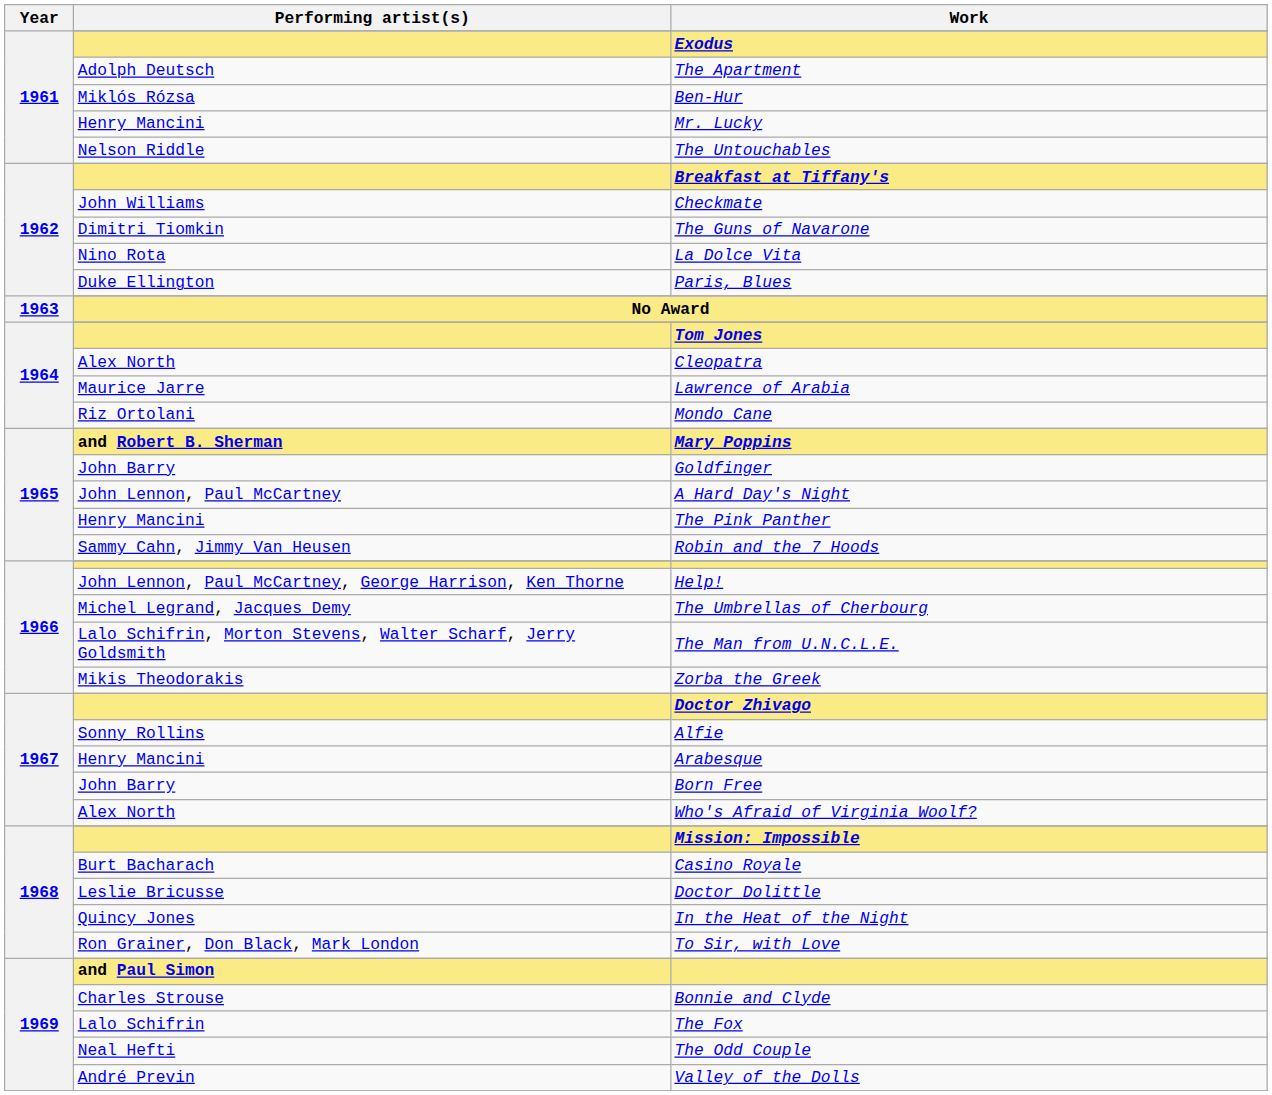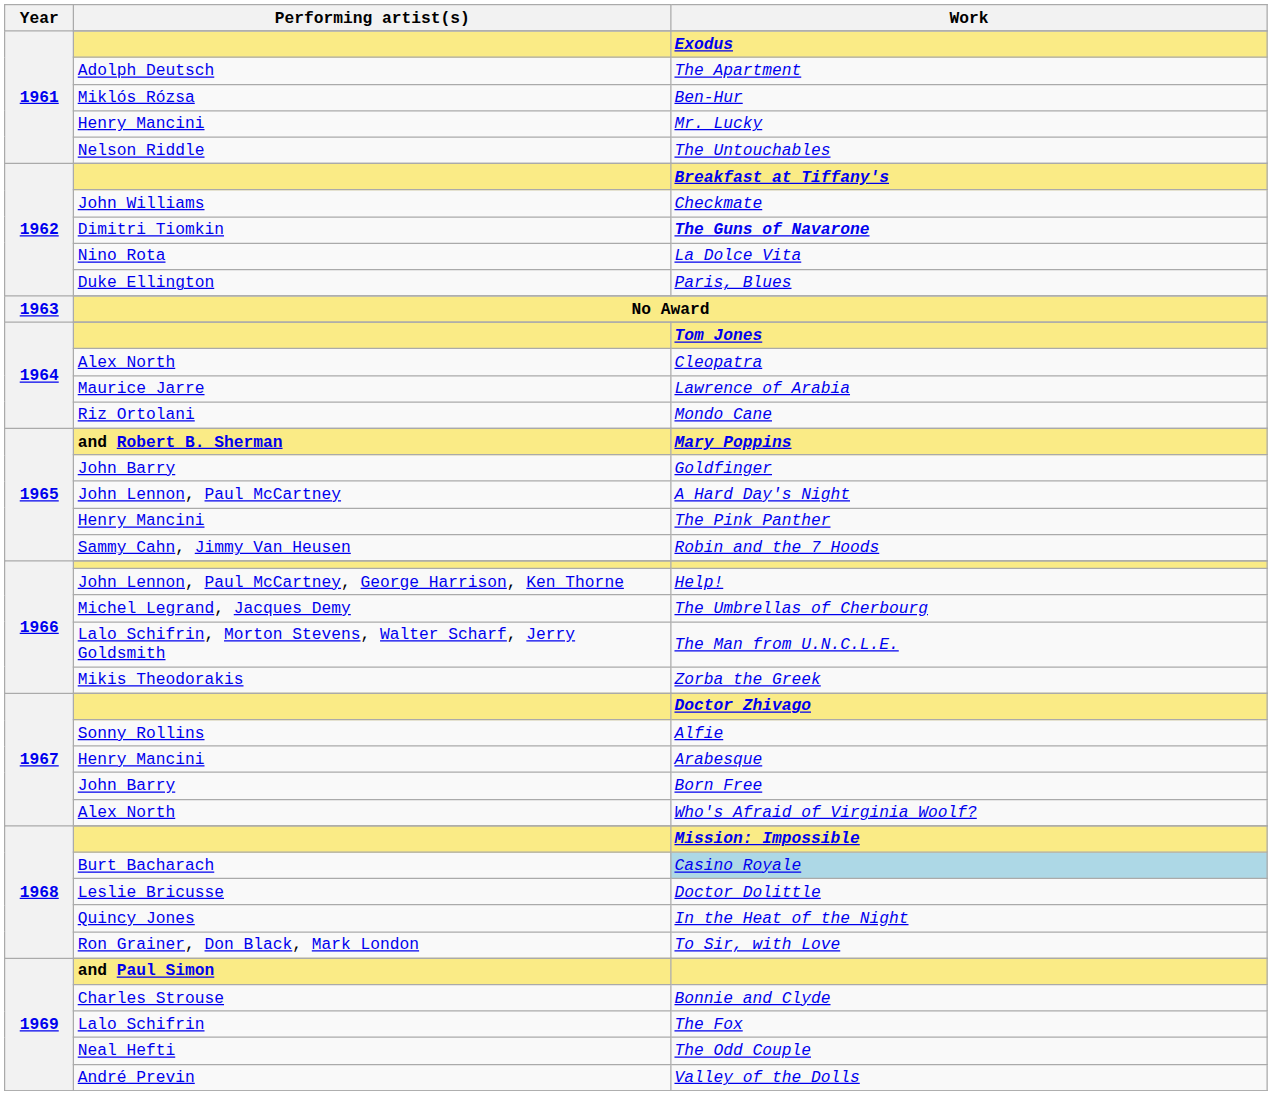 <table class="wikitable" style="width:80%">
 <tr>
 <th width="2%">Year</th>
 <th width="25%">Performing artist(s)</th>
 <th width="25%">Work</th>
 </tr>
 <tr>
 <th scope="row", rowspan=6, style="text-align:center;"><a href='#'>1961</a> <br></th>
 </tr>
 <tr style="background:#FAEB86">
 <td><strong>  </strong></td>
 <td><strong> <em><a href='#'>Exodus</a></em> </strong></td>
 </tr>
 <tr>
 <td><a href='#'>Adolph Deutsch</a></td>
 <td><em><a href='#'>The Apartment</a></em></td>
 </tr>
 <tr>
 <td><a href='#'>Miklós Rózsa</a></td>
 <td><em><a href='#'>Ben-Hur</a></em></td>
 </tr>
 <tr>
 <td><a href='#'>Henry Mancini</a></td>
 <td><em><a href='#'>Mr. Lucky</a></em></td>
 </tr>
 <tr>
 <td><a href='#'>Nelson Riddle</a></td>
 <td><em><a href='#'>The Untouchables</a></em></td>
 </tr>
 <tr>
 <th scope="row", rowspan=6, style="text-align:center;"><a href='#'>1962</a> <br></th>
 </tr>
 <tr style="background:#FAEB86">
 <td><strong>  </strong></td>
 <td><strong> <em><a href='#'>Breakfast at Tiffany's</a></em> </strong></td>
 </tr>
 <tr>
 <td><a href='#'>John Williams</a></td>
 <td><em><a href='#'>Checkmate</a></em></td>
 </tr>
 <tr>
 <td><a href='#'>Dimitri Tiomkin</a></td>
-<td><em><a href='#'>The Guns of Navarone</a></em></td>
+<td><strong><em><a href='#'>The Guns of Navarone</a></em></strong></td>
 </tr>
 <tr>
 <td><a href='#'>Nino Rota</a></td>
 <td><em><a href='#'>La Dolce Vita</a></em></td>
 </tr>
 <tr>
 <td><a href='#'>Duke Ellington</a></td>
 <td><em><a href='#'>Paris, Blues</a></em></td>
 </tr>
 <tr>
 <th scope="row", rowspan=2, style="text-align:center;"><a href='#'>1963</a> <br></th>
 </tr>
 <tr style="background:#FAEB86">
 <td style="text-align:center;" colspan="3"><strong> No Award </strong></td>
 </tr>
 <tr>
 <th scope="row", rowspan=5, style="text-align:center;"><a href='#'>1964</a> <br></th>
 </tr>
 <tr style="background:#FAEB86">
 <td><strong>  </strong></td>
 <td><strong> <em><a href='#'>Tom Jones</a></em> </strong></td>
 </tr>
 <tr>
 <td><a href='#'>Alex North</a></td>
 <td><em><a href='#'>Cleopatra</a></em></td>
 </tr>
 <tr>
 <td><a href='#'>Maurice Jarre</a></td>
 <td><em><a href='#'>Lawrence of Arabia</a></em></td>
 </tr>
 <tr>
 <td><a href='#'>Riz Ortolani</a></td>
 <td><em><a href='#'>Mondo Cane</a></em></td>
 </tr>
 <tr>
 <th scope="row", rowspan=6, style="text-align:center;"><a href='#'>1965</a> <br></th>
 </tr>
 <tr style="background:#FAEB86">
 <td><strong>  and <a href='#'>Robert B. Sherman</a> </strong></td>
 <td><strong> <em><a href='#'>Mary Poppins</a></em> </strong></td>
 </tr>
 <tr>
 <td><a href='#'>John Barry</a></td>
 <td><em><a href='#'>Goldfinger</a></em></td>
 </tr>
 <tr>
 <td><a href='#'>John Lennon</a>, <a href='#'>Paul McCartney</a></td>
 <td><em><a href='#'>A Hard Day's Night</a></em></td>
 </tr>
 <tr>
 <td><a href='#'>Henry Mancini</a></td>
 <td><em><a href='#'>The Pink Panther</a></em></td>
 </tr>
 <tr>
 <td><a href='#'>Sammy Cahn</a>, <a href='#'>Jimmy Van Heusen</a></td>
 <td><em><a href='#'>Robin and the 7 Hoods</a></em></td>
 </tr>
 <tr>
 <th scope="row", rowspan=6, style="text-align:center;"><a href='#'>1966</a> <br></th>
 </tr>
 <tr style="background:#FAEB86">
 <td><strong>  </strong></td>
 <td><strong> <em></em> </strong></td>
 </tr>
 <tr>
 <td><a href='#'>John Lennon</a>, <a href='#'>Paul McCartney</a>, <a href='#'>George Harrison</a>, <a href='#'>Ken Thorne</a></td>
 <td><em><a href='#'>Help!</a></em></td>
 </tr>
 <tr>
 <td><a href='#'>Michel Legrand</a>, <a href='#'>Jacques Demy</a></td>
 <td><em><a href='#'>The Umbrellas of Cherbourg</a></em></td>
 </tr>
 <tr>
 <td><a href='#'>Lalo Schifrin</a>, <a href='#'>Morton Stevens</a>, <a href='#'>Walter Scharf</a>, <a href='#'>Jerry Goldsmith</a></td>
 <td><em><a href='#'>The Man from U.N.C.L.E.</a></em></td>
 </tr>
 <tr>
 <td><a href='#'>Mikis Theodorakis</a></td>
 <td><em><a href='#'>Zorba the Greek</a></em></td>
 </tr>
 <tr>
 <th scope="row", rowspan=6, style="text-align:center;"><a href='#'>1967</a> <br></th>
 </tr>
 <tr style="background:#FAEB86">
 <td><strong>  </strong></td>
 <td><strong> <em><a href='#'>Doctor Zhivago</a></em> </strong></td>
 </tr>
 <tr>
 <td><a href='#'>Sonny Rollins</a></td>
 <td><em><a href='#'>Alfie</a></em></td>
 </tr>
 <tr>
 <td><a href='#'>Henry Mancini</a></td>
 <td><em><a href='#'>Arabesque</a></em></td>
 </tr>
 <tr>
 <td><a href='#'>John Barry</a></td>
 <td><em><a href='#'>Born Free</a></em></td>
 </tr>
 <tr>
 <td><a href='#'>Alex North</a></td>
 <td><em><a href='#'>Who's Afraid of Virginia Woolf?</a></em></td>
 </tr>
 <tr>
 <th scope="row", rowspan=6, style="text-align:center;"><a href='#'>1968</a> <br></th>
 </tr>
 <tr style="background:#FAEB86">
 <td><strong>  </strong></td>
 <td><strong> <em><a href='#'>Mission: Impossible</a></em> </strong></td>
 </tr>
 <tr>
 <td><a href='#'>Burt Bacharach</a></td>
-<td><em><a href='#'>Casino Royale</a></em></td>
+<td style="background: lightblue;"><em><a href='#'>Casino Royale</a></em></td>
 </tr>
 <tr>
 <td><a href='#'>Leslie Bricusse</a></td>
 <td><em><a href='#'>Doctor Dolittle</a></em></td>
 </tr>
 <tr>
 <td><a href='#'>Quincy Jones</a></td>
 <td><em><a href='#'>In the Heat of the Night</a></em></td>
 </tr>
 <tr>
 <td><a href='#'>Ron Grainer</a>, <a href='#'>Don Black</a>, <a href='#'>Mark London</a></td>
 <td><em><a href='#'>To Sir, with Love</a></em></td>
 </tr>
 <tr>
 <th scope="row", rowspan=6, style="text-align:center;"><a href='#'>1969</a> <br></th>
 </tr>
 <tr style="background:#FAEB86">
 <td><strong>  and <a href='#'>Paul Simon</a> </strong></td>
 <td><strong> <em></em> </strong></td>
 </tr>
 <tr>
 <td><a href='#'>Charles Strouse</a></td>
 <td><em><a href='#'>Bonnie and Clyde</a></em></td>
 </tr>
 <tr>
 <td><a href='#'>Lalo Schifrin</a></td>
 <td><em><a href='#'>The Fox</a></em></td>
 </tr>
 <tr>
 <td><a href='#'>Neal Hefti</a></td>
 <td><em><a href='#'>The Odd Couple</a></em></td>
 </tr>
 <tr>
 <td><a href='#'>André Previn</a></td>
 <td><em><a href='#'>Valley of the Dolls</a></em></td>
 </tr>
 <tr>
 </tr>
 </table>
